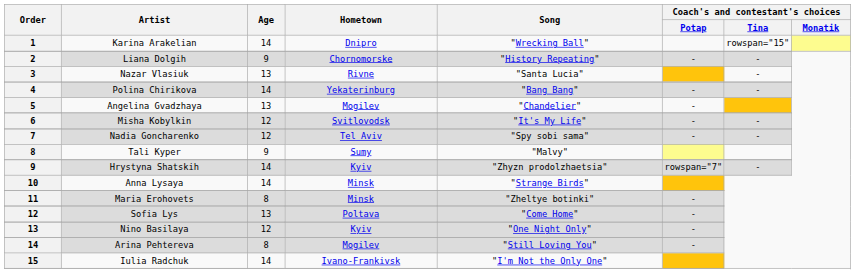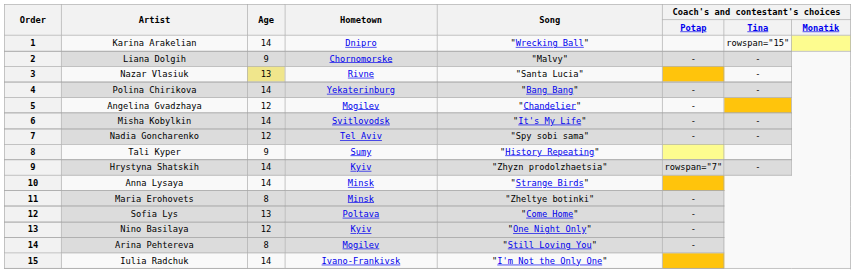 <table class="wikitable" style="text-align:center; line-height:17px; width:100%;">
 <tr>
 <th scope="col" rowspan="2" style="width=05%;">Order</th>
 <th scope="col" rowspan="2" style="width=20%;">Artist</th>
 <th scope="col" rowspan="2" style="width=05%;">Age</th>
 <th scope="col" rowspan="2" style="width:18%;">Hometown</th>
 <th scope="col" rowspan="2" style="width=22%;">Song</th>
 <th scope="col" colspan="4" style="width=28%;">Coach's and contestant's choices</th>
 </tr>
 <tr>
 <th width="07%"><a href='#'>Potap</a></th>
 <th width="07%"><a href='#'>Tina</a></th>
 <th width="07%"><a href='#'>Monatik</a></th>
 </tr>
 <tr>
 <th>1</th>
 <td>Karina Arakelian</td>
 <td>14</td>
 <td><a href='#'>Dnipro</a></td>
 <td>"<a href='#'>Wrecking Ball</a>"</td>
 <td><strong></strong></td>
 <td>rowspan="15" </td>
 <td style="background:#fdfc8f;"><strong></strong></td>
 </tr>
 <tr>
 </tr>
 <tr style="background:#DCDCDC;">
 <th>2</th>
 <td>Liana Dolgih</td>
 <td>9</td>
 <td><a href='#'>Chornomorske</a></td>
-<td>"<a href='#'>History Repeating</a>"</td>
+<td>"Malvy"</td>
 <td>-</td>
 <td>-</td>
 </tr>
 <tr>
 <th>3</th>
 <td>Nazar Vlasiuk</td>
-<td>13</td>
+<td style="background: khaki;">13</td>
 <td><a href='#'>Rivne</a></td>
 <td>"Santa Lucia"</td>
 <td style="background:#ffc40c;"><strong></strong></td>
 <td>-</td>
 </tr>
 <tr>
 </tr>
 <tr style="background:#DCDCDC;">
 <th>4</th>
 <td>Polina Chirikova</td>
 <td>14</td>
 <td><a href='#'>Yekaterinburg</a></td>
 <td>"<a href='#'>Bang Bang</a>"</td>
 <td>-</td>
 <td>-</td>
 </tr>
 <tr>
 <th>5</th>
 <td>Angelina Gvadzhaya</td>
-<td>13</td>
+<td>12</td>
 <td><a href='#'>Mogilev</a></td>
 <td>"<a href='#'>Chandelier</a>"</td>
 <td>-</td>
 <td style="background:#ffc40c;"><strong></strong></td>
 </tr>
 <tr>
 </tr>
 <tr style="background:#DCDCDC;">
 <th>6</th>
 <td>Misha Kobylkin</td>
-<td>12</td>
+<td>14</td>
 <td><a href='#'>Svitlovodsk</a></td>
 <td>"<a href='#'>It's My Life</a>"</td>
 <td>-</td>
 <td>-</td>
 </tr>
 <tr>
 </tr>
 <tr style="background:#DCDCDC;">
 <th>7</th>
 <td>Nadia Goncharenko</td>
 <td>12</td>
 <td><a href='#'>Tel Aviv</a></td>
 <td>"Spy sobi sama"</td>
 <td>-</td>
 <td>-</td>
 </tr>
 <tr>
 <th>8</th>
 <td>Tali Kyper</td>
 <td>9</td>
 <td><a href='#'>Sumy</a></td>
-<td>"Malvy"</td>
+<td>"<a href='#'>History Repeating</a>"</td>
 <td style="background:#fdfc8f;"><strong></strong></td>
 <td><strong></strong></td>
 </tr>
 <tr>
 </tr>
 <tr style="background:#DCDCDC;">
 <th>9</th>
 <td>Hrystyna Shatskih</td>
 <td>14</td>
 <td><a href='#'>Kyiv</a></td>
 <td>"Zhyzn prodolzhaetsia"</td>
 <td>rowspan="7" </td>
 <td>-</td>
 </tr>
 <tr>
 <th>10</th>
 <td>Anna Lysaya</td>
 <td>14</td>
 <td><a href='#'>Minsk</a></td>
 <td>"<a href='#'>Strange Birds</a>"</td>
 <td style="background:#ffc40c;"><strong></strong></td>
 </tr>
 <tr>
 </tr>
 <tr style="background:#DCDCDC;">
 <th>11</th>
 <td>Maria Erohovets</td>
 <td>8</td>
 <td><a href='#'>Minsk</a></td>
 <td>"Zheltye botinki"</td>
 <td>-</td>
 </tr>
 <tr>
 </tr>
 <tr style="background:#DCDCDC;">
 <th>12</th>
 <td>Sofia Lys</td>
 <td>13</td>
 <td><a href='#'>Poltava</a></td>
 <td>"<a href='#'>Come Home</a>"</td>
 <td>-</td>
 </tr>
 <tr>
 </tr>
 <tr style="background:#DCDCDC;">
 <th>13</th>
 <td>Nino Basilaya</td>
 <td>12</td>
 <td><a href='#'>Kyiv</a></td>
 <td>"<a href='#'>One Night Only</a>"</td>
 <td>-</td>
 </tr>
 <tr>
 </tr>
 <tr style="background:#DCDCDC;">
 <th>14</th>
 <td>Arina Pehtereva</td>
 <td>8</td>
 <td><a href='#'>Mogilev</a></td>
 <td>"<a href='#'>Still Loving You</a>"</td>
 <td>-</td>
 </tr>
 <tr>
 <th>15</th>
 <td>Iulia Radchuk</td>
 <td>14</td>
 <td><a href='#'>Ivano-Frankivsk</a></td>
 <td>"<a href='#'>I'm Not the Only One</a>"</td>
 <td style="background:#ffc40c;"><strong></strong></td>
 </tr>
 <tr>
 </tr>
 </table>
